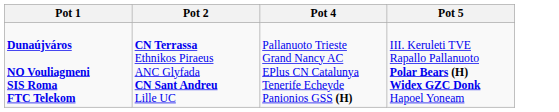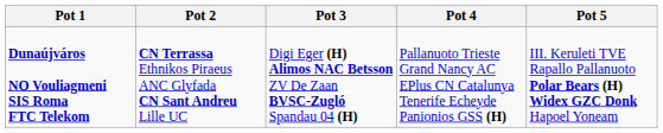 <table class="wikitable collapsible">
 <tr>
 <th width=20%>Pot 1</th>
 <th width=20%>Pot 2</th>
+<th width=20%>Pot 3</th>
 <th width=20%>Pot 4</th>
 <th width=20%>Pot 5</th>
 </tr>
 <tr>
 <td><br> <strong><a href='#'>Dunaújváros</a></strong><br> <br>  <strong><a href='#'>NO Vouliagmeni</a></strong> <br>  <strong><a href='#'>SIS Roma</a></strong><br>  <strong><a href='#'>FTC Telekom</a></strong></td>
 <td><br> <strong><a href='#'>CN Terrassa</a></strong><br>  <a href='#'>Ethnikos Piraeus</a><br>  <a href='#'>ANC Glyfada</a> <br>  <strong><a href='#'>CN Sant Andreu</a></strong><br>  <a href='#'>Lille UC</a></td>
+<td><br> <a href='#'>Digi Eger</a> <strong>(H)</strong><br>  <strong><a href='#'>Alimos NAC Betsson</a></strong><br>  <a href='#'>ZV De Zaan</a><br>  <strong><a href='#'>BVSC-Zugló</a></strong><br>  <a href='#'>Spandau 04</a> <strong>(H)</strong></td>
 <td><br> <a href='#'>Pallanuoto Trieste</a><br>  <a href='#'>Grand Nancy AC</a><br>  <a href='#'>EPlus CN Catalunya</a><br>  <a href='#'>Tenerife Echeyde</a><br>  <a href='#'>Panionios GSS</a> <strong>(H)</strong></td>
 <td><br> <a href='#'>III. Keruleti TVE</a><br>  <a href='#'>Rapallo Pallanuoto</a><br>  <strong><a href='#'>Polar Bears</a></strong> <strong>(H)</strong><br>  <strong><a href='#'>Widex GZC Donk</a></strong><br>  <a href='#'>Hapoel Yoneam</a></td>
 </tr>
 </table>
